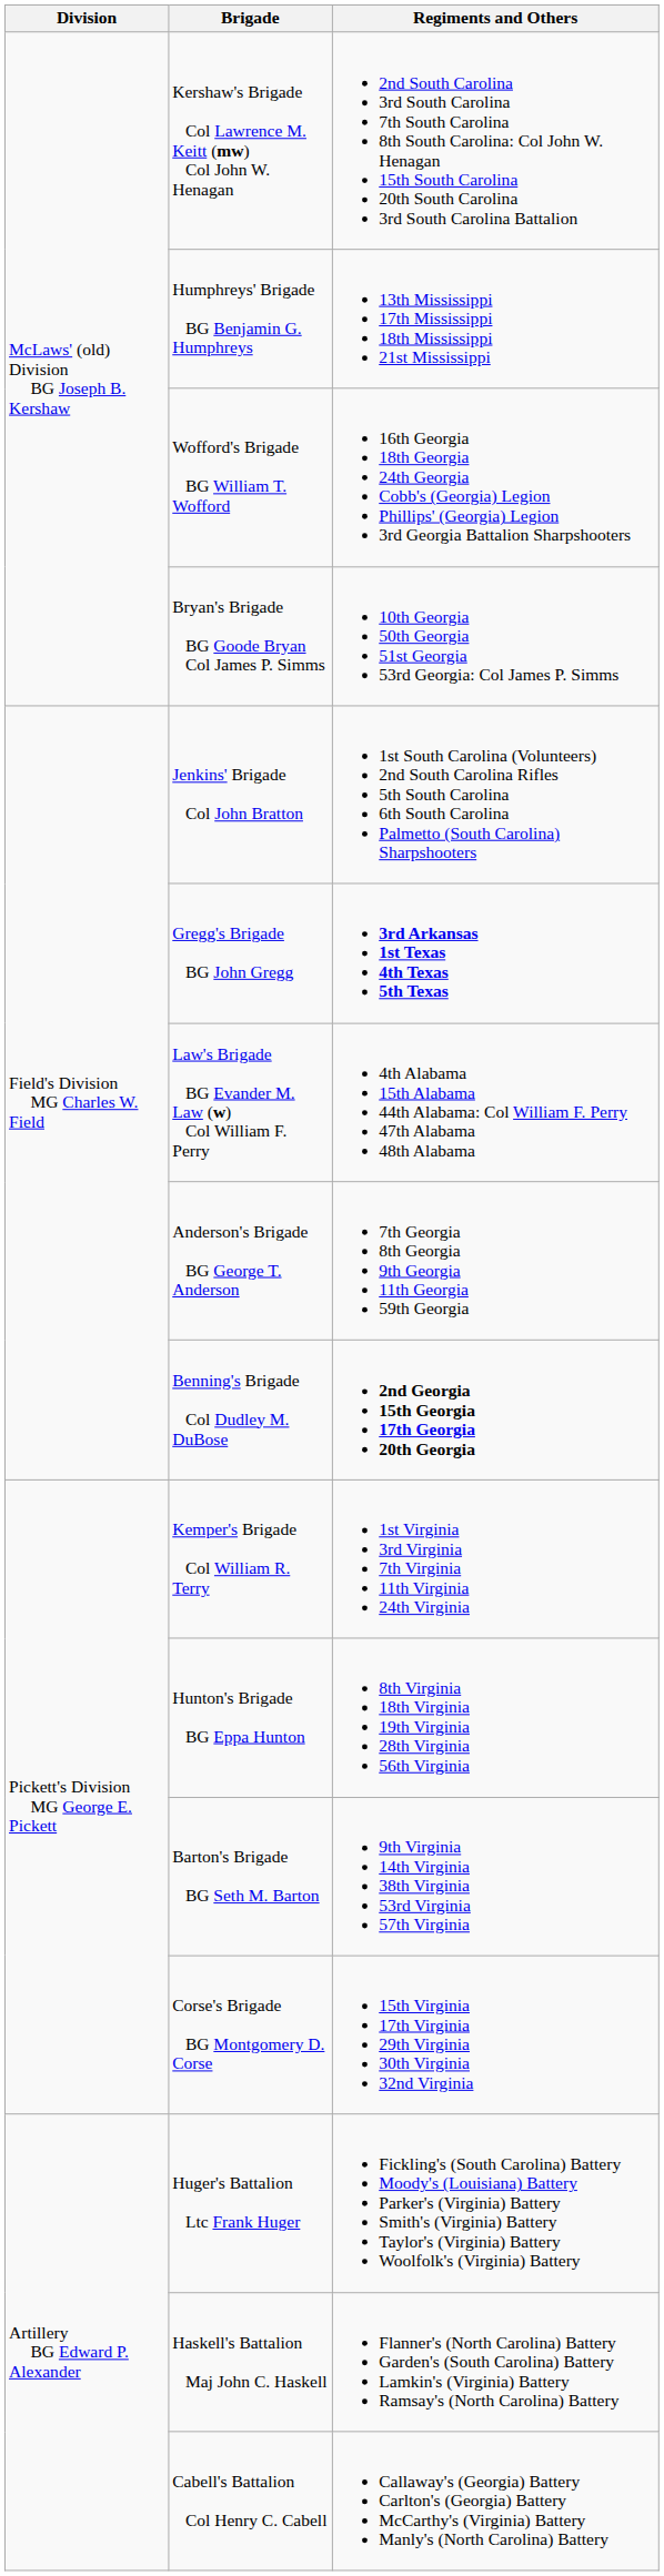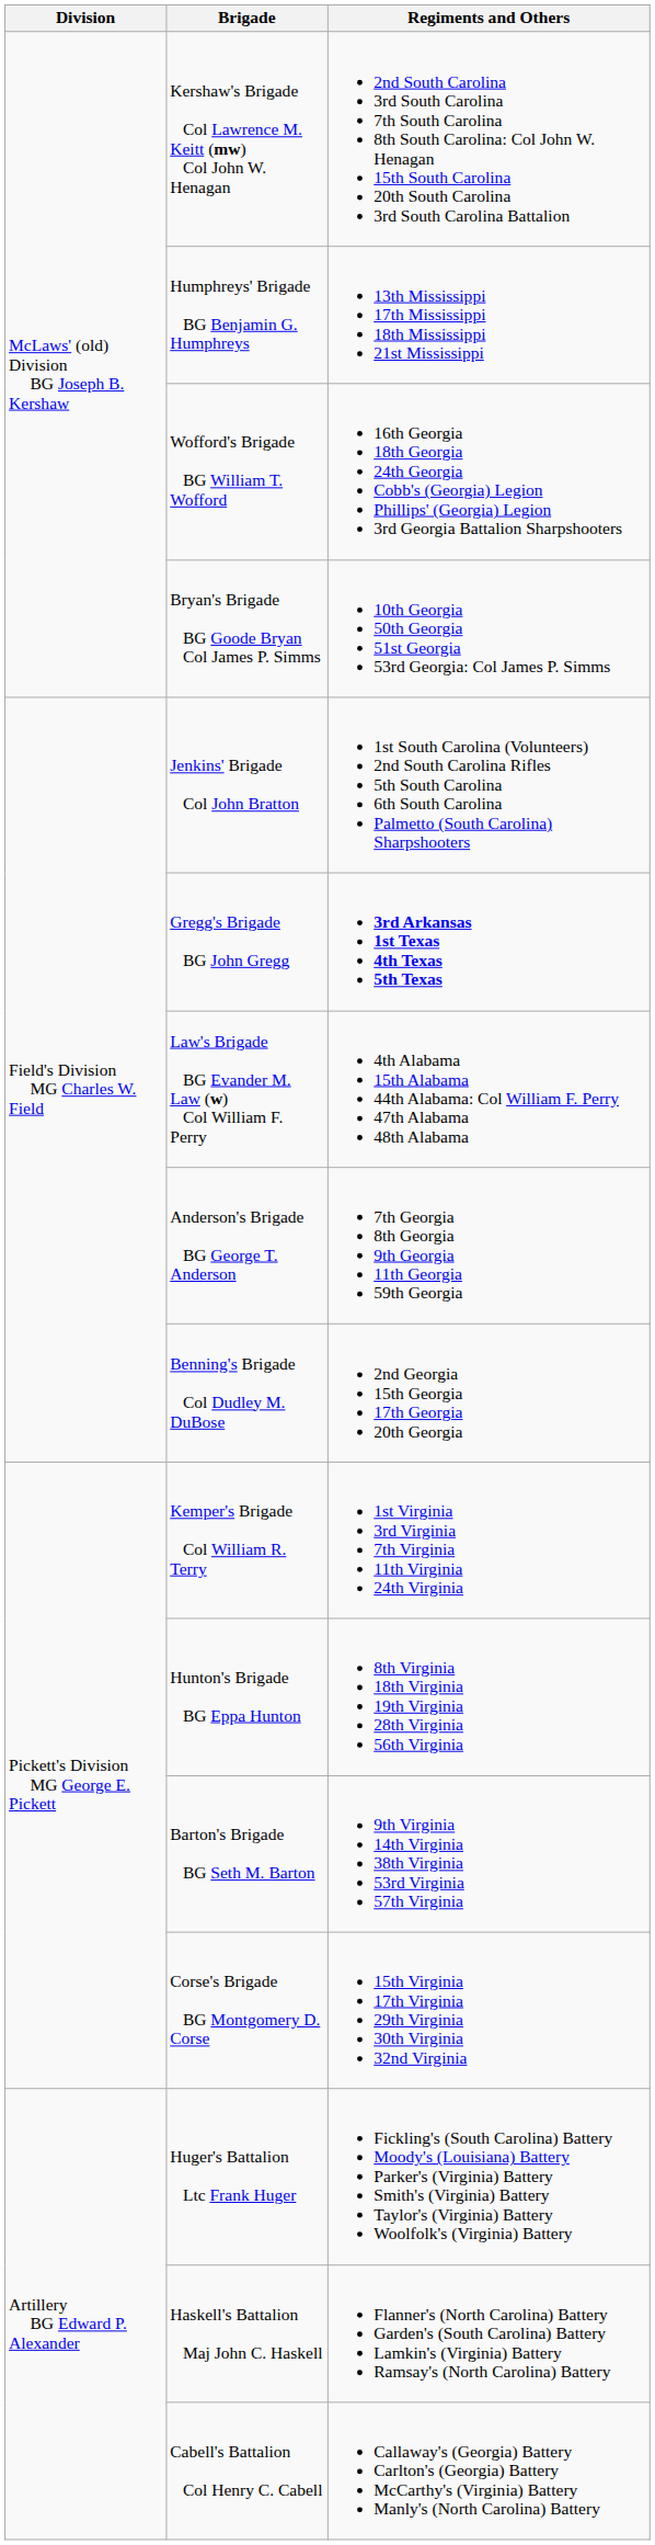 <table class="wikitable">
 <tr>
 <th width=25%>Division</th>
 <th width=25%>Brigade</th>
 <th>Regiments and Others</th>
 </tr>
 <tr>
 <td rowspan=4><br><a href='#'>McLaws'</a> (old) Division <br>     BG <a href='#'>Joseph B. Kershaw</a></td>
 <td>Kershaw's Brigade<br><br>   Col <a href='#'>Lawrence M. Keitt</a> (<strong>mw</strong>) <br>   Col John W. Henagan</td>
 <td><br><ul><li><a href='#'>2nd South Carolina</a></li><li>3rd South Carolina</li><li>7th South Carolina</li><li>8th South Carolina: Col John W. Henagan</li><li><a href='#'>15th South Carolina</a></li><li>20th South Carolina</li><li>3rd South Carolina Battalion</li></ul></td>
 </tr>
 <tr>
 <td>Humphreys' Brigade<br><br>   BG <a href='#'>Benjamin G. Humphreys</a></td>
 <td><br><ul><li><a href='#'>13th Mississippi</a></li><li><a href='#'>17th Mississippi</a></li><li><a href='#'>18th Mississippi</a></li><li><a href='#'>21st Mississippi</a></li></ul></td>
 </tr>
 <tr>
 <td>Wofford's Brigade<br><br>   BG <a href='#'>William T. Wofford</a></td>
 <td><br><ul><li>16th Georgia</li><li><a href='#'>18th Georgia</a></li><li><a href='#'>24th Georgia</a></li><li><a href='#'>Cobb's (Georgia) Legion</a></li><li><a href='#'>Phillips' (Georgia) Legion</a></li><li>3rd Georgia Battalion Sharpshooters</li></ul></td>
 </tr>
 <tr>
 <td>Bryan's Brigade<br><br>   BG <a href='#'>Goode Bryan</a> <br>   Col James P. Simms</td>
 <td><br><ul><li><a href='#'>10th Georgia</a></li><li><a href='#'>50th Georgia</a></li><li><a href='#'>51st Georgia</a></li><li>53rd Georgia: Col James P. Simms</li></ul></td>
 </tr>
 <tr>
 <td rowspan=5><br>Field's Division <br>     MG <a href='#'>Charles W. Field</a></td>
 <td><a href='#'>Jenkins'</a> Brigade<br><br>   Col <a href='#'>John Bratton</a></td>
 <td><br><ul><li>1st South Carolina (Volunteers)</li><li>2nd South Carolina Rifles</li><li>5th South Carolina</li><li>6th South Carolina</li><li><a href='#'>Palmetto (South Carolina) Sharpshooters</a></li></ul></td>
 </tr>
 <tr>
 <td><a href='#'>Gregg's Brigade</a><br><br>   BG <a href='#'>John Gregg</a></td>
 <td><strong><br><ul><li><a href='#'>3rd Arkansas</a></li><li><a href='#'>1st Texas</a></li><li><a href='#'>4th Texas</a></li><li><a href='#'>5th Texas</a></li></ul></strong></td>
 </tr>
 <tr>
 <td><a href='#'>Law's Brigade</a><br><br>   BG <a href='#'>Evander M. Law</a> (<strong>w</strong>) <br>   Col William F. Perry</td>
 <td><br><ul><li>4th Alabama</li><li><a href='#'>15th Alabama</a></li><li>44th Alabama: Col <a href='#'>William F. Perry</a></li><li>47th Alabama</li><li>48th Alabama</li></ul></td>
 </tr>
 <tr>
 <td>Anderson's Brigade<br><br>   BG <a href='#'>George T. Anderson</a></td>
 <td><br><ul><li>7th Georgia</li><li>8th Georgia</li><li><a href='#'>9th Georgia</a></li><li><a href='#'>11th Georgia</a></li><li>59th Georgia</li></ul></td>
 </tr>
 <tr>
 <td><a href='#'>Benning's</a> Brigade<br><br>   Col <a href='#'>Dudley M. DuBose</a></td>
-<td><strong><br><ul><li>2nd Georgia</li><li>15th Georgia</li><li><a href='#'>17th Georgia</a></li><li>20th Georgia</li></ul></strong></td>
+<td><br><ul><li>2nd Georgia</li><li>15th Georgia</li><li><a href='#'>17th Georgia</a></li><li>20th Georgia</li></ul></td>
 </tr>
 <tr>
 <td rowspan=4><br>Pickett's Division <br>     MG <a href='#'>George E. Pickett</a></td>
 <td><a href='#'>Kemper's</a> Brigade<br><br>   Col <a href='#'>William R. Terry</a></td>
 <td><br><ul><li><a href='#'>1st Virginia</a></li><li><a href='#'>3rd Virginia</a></li><li><a href='#'>7th Virginia</a></li><li><a href='#'>11th Virginia</a></li><li><a href='#'>24th Virginia</a></li></ul></td>
 </tr>
 <tr>
 <td>Hunton's Brigade<br><br>   BG <a href='#'>Eppa Hunton</a></td>
 <td><br><ul><li><a href='#'>8th Virginia</a></li><li><a href='#'>18th Virginia</a></li><li><a href='#'>19th Virginia</a></li><li><a href='#'>28th Virginia</a></li><li><a href='#'>56th Virginia</a></li></ul></td>
 </tr>
 <tr>
 <td>Barton's Brigade<br><br>   BG <a href='#'>Seth M. Barton</a></td>
 <td><br><ul><li><a href='#'>9th Virginia</a></li><li><a href='#'>14th Virginia</a></li><li><a href='#'>38th Virginia</a></li><li><a href='#'>53rd Virginia</a></li><li><a href='#'>57th Virginia</a></li></ul></td>
 </tr>
 <tr>
 <td>Corse's Brigade<br><br>   BG <a href='#'>Montgomery D. Corse</a></td>
 <td><br><ul><li><a href='#'>15th Virginia</a></li><li><a href='#'>17th Virginia</a></li><li><a href='#'>29th Virginia</a></li><li><a href='#'>30th Virginia</a></li><li><a href='#'>32nd Virginia</a></li></ul></td>
 </tr>
 <tr>
 <td rowspan=3><br>Artillery <br>     BG <a href='#'>Edward P. Alexander</a></td>
 <td>Huger's Battalion<br><br>   Ltc <a href='#'>Frank Huger</a></td>
 <td><br><ul><li>Fickling's (South Carolina) Battery</li><li><a href='#'>Moody's (Louisiana) Battery</a></li><li>Parker's (Virginia) Battery</li><li>Smith's (Virginia) Battery</li><li>Taylor's (Virginia) Battery</li><li>Woolfolk's (Virginia) Battery</li></ul></td>
 </tr>
 <tr>
 <td>Haskell's Battalion<br><br>   Maj John C. Haskell</td>
 <td><br><ul><li>Flanner's (North Carolina) Battery</li><li>Garden's (South Carolina) Battery</li><li>Lamkin's (Virginia) Battery</li><li>Ramsay's (North Carolina) Battery</li></ul></td>
 </tr>
 <tr>
 <td>Cabell's Battalion<br><br>   Col Henry C. Cabell</td>
 <td><br><ul><li>Callaway's (Georgia) Battery</li><li>Carlton's (Georgia) Battery</li><li>McCarthy's (Virginia) Battery</li><li>Manly's (North Carolina) Battery</li></ul></td>
 </tr>
 </table>
